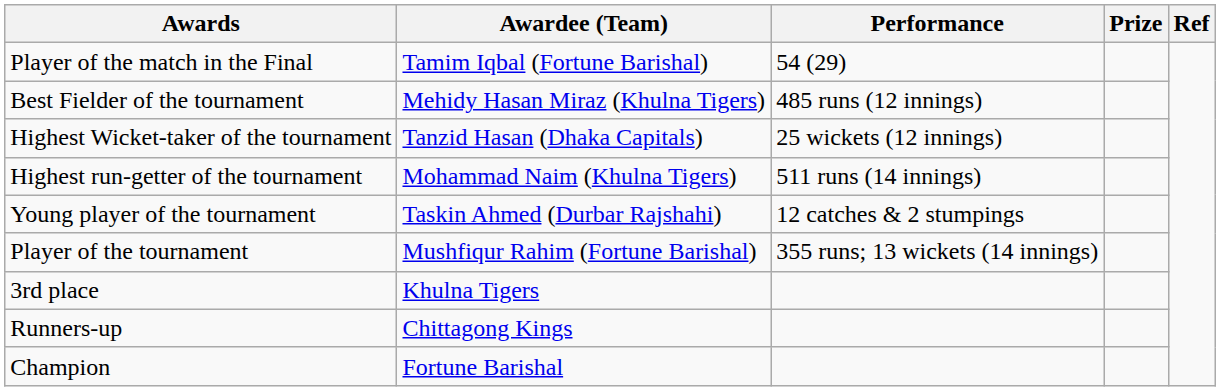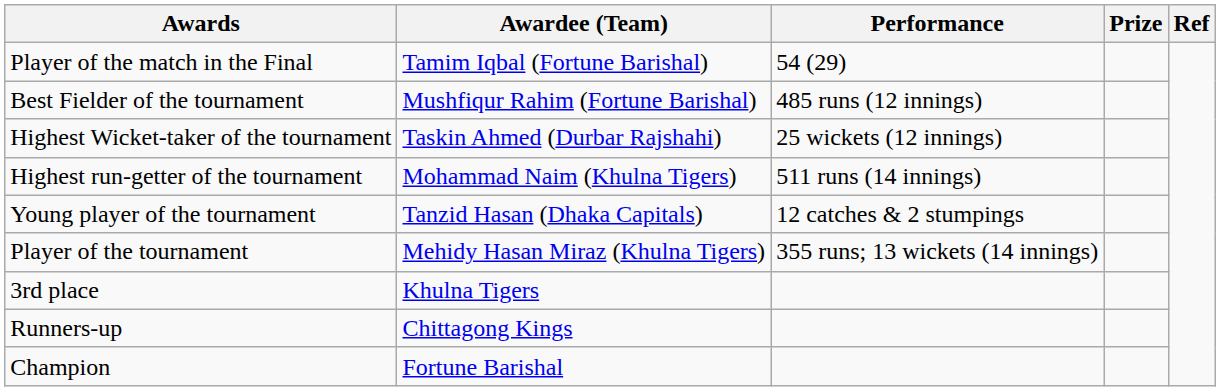 <table class="wikitable">
 <tr>
 <th>Awards</th>
 <th>Awardee (Team)</th>
 <th>Performance</th>
 <th>Prize</th>
 <th>Ref</th>
 </tr>
 <tr>
 <td>Player of the match in the Final</td>
 <td><a href='#'>Tamim Iqbal</a> (<a href='#'>Fortune Barishal</a>)</td>
 <td>54 (29)</td>
 <td></td>
 <td rowspan=9></td>
 </tr>
 <tr>
 <td>Best Fielder of the tournament</td>
-<td><a href='#'>Mehidy Hasan Miraz</a> (<a href='#'>Khulna Tigers</a>)</td>
+<td><a href='#'>Mushfiqur Rahim</a> (<a href='#'>Fortune Barishal</a>)</td>
 <td>485 runs (12 innings)</td>
 <td></td>
 </tr>
 <tr>
 <td>Highest Wicket-taker of the tournament</td>
-<td><a href='#'>Tanzid Hasan</a> (<a href='#'>Dhaka Capitals</a>)</td>
+<td><a href='#'>Taskin Ahmed</a> (<a href='#'>Durbar Rajshahi</a>)</td>
 <td>25 wickets (12 innings)</td>
 <td></td>
 </tr>
 <tr>
 <td>Highest run-getter of the tournament</td>
 <td><a href='#'>Mohammad Naim</a> (<a href='#'>Khulna Tigers</a>)</td>
 <td>511 runs (14 innings)</td>
 <td></td>
 </tr>
 <tr>
 <td>Young player of the tournament</td>
-<td><a href='#'>Taskin Ahmed</a> (<a href='#'>Durbar Rajshahi</a>)</td>
+<td><a href='#'>Tanzid Hasan</a> (<a href='#'>Dhaka Capitals</a>)</td>
 <td>12 catches & 2 stumpings</td>
 <td></td>
 </tr>
 <tr>
 <td>Player of the tournament</td>
-<td><a href='#'>Mushfiqur Rahim</a> (<a href='#'>Fortune Barishal</a>)</td>
+<td><a href='#'>Mehidy Hasan Miraz</a> (<a href='#'>Khulna Tigers</a>)</td>
 <td>355 runs; 13 wickets (14 innings)</td>
 <td></td>
 </tr>
 <tr>
 <td>3rd place</td>
 <td><a href='#'>Khulna Tigers</a></td>
 <td></td>
 <td></td>
 </tr>
 <tr>
 <td>Runners-up</td>
 <td><a href='#'>Chittagong Kings</a></td>
 <td></td>
 <td></td>
 </tr>
 <tr>
 <td>Champion</td>
 <td><a href='#'>Fortune Barishal</a></td>
 <td></td>
 <td></td>
 </tr>
 </table>
